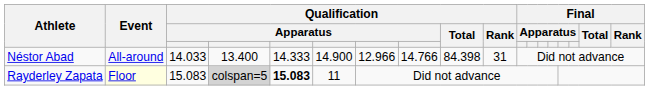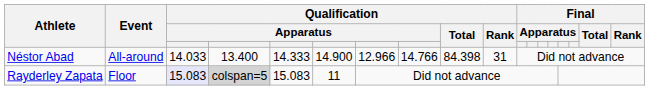 <table class="wikitable" style="font-size:90%">
 <tr>
 <th rowspan=3>Athlete</th>
 <th rowspan=3>Event</th>
 <th colspan =8>Qualification</th>
 <th colspan =8>Final</th>
 </tr>
 <tr style="font-size:95%">
 <th colspan=6>Apparatus</th>
 <th rowspan=2>Total</th>
 <th rowspan=2>Rank</th>
 <th colspan=6>Apparatus</th>
 <th rowspan=2>Total</th>
 <th rowspan=2>Rank</th>
 </tr>
 <tr style="font-size:95%">
 <th></th>
 <th></th>
 <th></th>
 <th></th>
 <th></th>
 <th></th>
 <th></th>
 <th></th>
 <th></th>
 <th></th>
 <th></th>
 <th></th>
 </tr>
 <tr align=center>
 <td align=left><a href='#'>Néstor Abad</a></td>
 <td align=left><a href='#'>All-around</a></td>
 <td>14.033</td>
 <td>13.400</td>
 <td>14.333</td>
 <td>14.900</td>
 <td>12.966</td>
 <td>14.766</td>
 <td>84.398</td>
 <td>31</td>
 <td colspan=8>Did not advance</td>
 </tr>
 <tr align=center>
 <td align=left><a href='#'>Rayderley Zapata</a></td>
-<td align=left style="background: lightyellow;"><a href='#'>Floor</a></td>
+<td align=left><a href='#'>Floor</a></td>
+<td style="background: lavender;">15.083</td>
+<td style="background: lightgrey;">colspan=5 </td>
 <td>15.083</td>
-<td style="background: lightgrey;">colspan=5 </td>
-<td><strong>15.083</strong></td>
 <td>11</td>
 <td colspan=8>Did not advance</td>
 </tr>
 </table>
